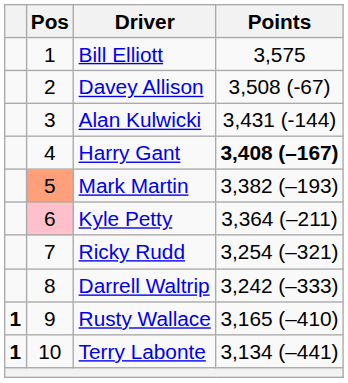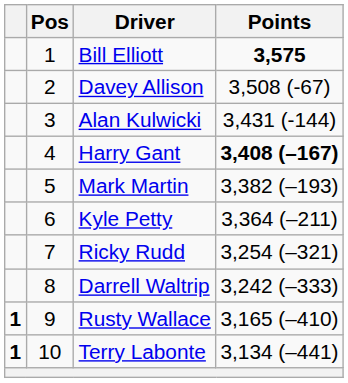 <table class="wikitable" style="font-size: 95%;">
 <tr>
 <th></th>
 <th>Pos</th>
 <th>Driver</th>
 <th>Points</th>
 </tr>
 <tr>
 <td align="left"></td>
 <td style="text-align:center;">1</td>
 <td><a href='#'>Bill Elliott</a></td>
-<td style="text-align:center;">3,575</td>
+<td style="text-align:center;"><strong>3,575</strong></td>
 </tr>
 <tr>
 <td align="left"></td>
 <td style="text-align:center;">2</td>
 <td><a href='#'>Davey Allison</a></td>
 <td style="text-align:center;">3,508 (-67)</td>
 </tr>
 <tr>
 <td align="left"></td>
 <td style="text-align:center;">3</td>
 <td><a href='#'>Alan Kulwicki</a></td>
 <td style="text-align:center;">3,431 (-144)</td>
 </tr>
 <tr>
 <td align="left"></td>
 <td style="text-align:center;">4</td>
 <td><a href='#'>Harry Gant</a></td>
 <td style="text-align:center;"><strong>3,408 (–167)</strong></td>
 </tr>
 <tr>
 <td align="left"></td>
-<td style="background: lightsalmon; text-align:center;">5</td>
+<td style="text-align:center;">5</td>
 <td><a href='#'>Mark Martin</a></td>
 <td style="text-align:center;">3,382 (–193)</td>
 </tr>
 <tr>
 <td align="left"></td>
-<td style="background: pink; text-align:center;">6</td>
+<td style="text-align:center;">6</td>
 <td><a href='#'>Kyle Petty</a></td>
 <td style="text-align:center;">3,364 (–211)</td>
 </tr>
 <tr>
 <td align="left"></td>
 <td style="text-align:center;">7</td>
 <td><a href='#'>Ricky Rudd</a></td>
 <td style="text-align:center;">3,254 (–321)</td>
 </tr>
 <tr>
 <td align="left"></td>
 <td style="text-align:center;">8</td>
 <td><a href='#'>Darrell Waltrip</a></td>
 <td style="text-align:center;">3,242 (–333)</td>
 </tr>
 <tr>
 <td align="left"> <strong>1</strong></td>
 <td style="text-align:center;">9</td>
 <td><a href='#'>Rusty Wallace</a></td>
 <td style="text-align:center;">3,165 (–410)</td>
 </tr>
 <tr>
 <td align="left"> <strong>1</strong></td>
 <td style="text-align:center;">10</td>
 <td><a href='#'>Terry Labonte</a></td>
 <td style="text-align:center;">3,134 (–441)</td>
 </tr>
 <tr class="sortbottom">
 <th colspan="9"></th>
 </tr>
 </table>
